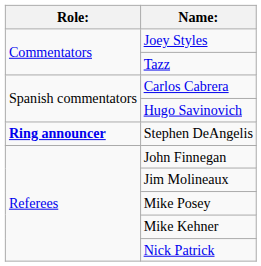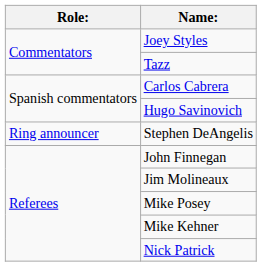 <table class="wikitable" style="font-size:90%; margin: 0.5em 0 0.5em 1em; float: right; clear: right;">
 <tr>
 <th>Role:</th>
 <th>Name:</th>
 </tr>
 <tr>
 <td rowspan=2><a href='#'>Commentators</a></td>
 <td><a href='#'>Joey Styles</a></td>
 </tr>
 <tr>
 <td><a href='#'>Tazz</a></td>
 </tr>
 <tr>
 <td rowspan=2>Spanish commentators</td>
 <td><a href='#'>Carlos Cabrera</a></td>
 </tr>
 <tr>
 <td><a href='#'>Hugo Savinovich</a></td>
 </tr>
 <tr>
-<td><strong><a href='#'>Ring announcer</a></strong></td>
+<td><a href='#'>Ring announcer</a></td>
 <td>Stephen DeAngelis</td>
 </tr>
 <tr>
 <td rowspan=5><a href='#'>Referees</a></td>
 <td>John Finnegan</td>
 </tr>
 <tr>
 <td>Jim Molineaux</td>
 </tr>
 <tr>
 <td>Mike Posey</td>
 </tr>
 <tr>
 <td>Mike Kehner</td>
 </tr>
 <tr>
 <td><a href='#'>Nick Patrick</a></td>
 </tr>
 </table>
